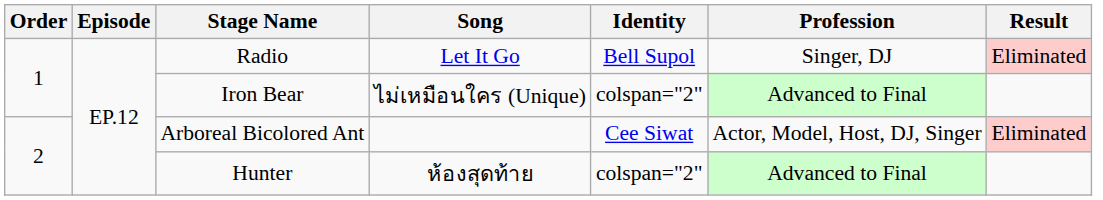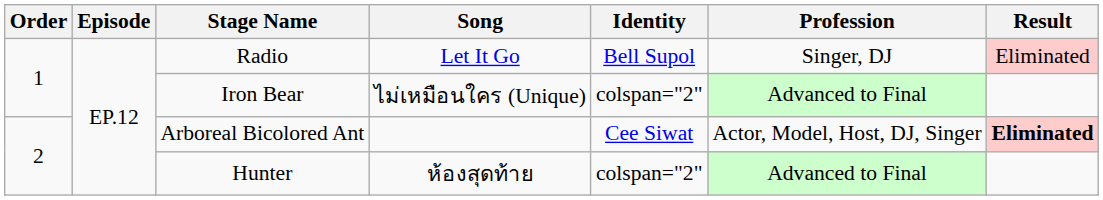 <table class="wikitable">
 <tr>
 <th>Order</th>
 <th>Episode</th>
 <th>Stage Name</th>
 <th>Song</th>
 <th>Identity</th>
 <th>Profession</th>
 <th>Result</th>
 </tr>
 <tr>
 <td rowspan="2" align="center">1</td>
 <td rowspan="4" align="center">EP.12</td>
 <td style="text-align:center;">Radio</td>
 <td style="text-align:center;"><a href='#'>Let It Go</a></td>
 <td style="text-align:center;"><a href='#'>Bell Supol</a></td>
 <td style="text-align:center;">Singer, DJ</td>
 <td style="text-align:center; background:#ffcccc;">Eliminated</td>
 </tr>
 <tr>
 <td style="text-align:center;">Iron Bear</td>
 <td style="text-align:center;">ไม่เหมือนใคร (Unique)</td>
 <td>colspan="2"  </td>
 <td style="text-align:center; background:#ccffcc;">Advanced to Final</td>
 </tr>
 <tr>
 <td rowspan="2" align="center">2</td>
 <td style="text-align:center;">Arboreal Bicolored Ant</td>
 <td style="text-align:center;"></td>
 <td style="text-align:center;"><a href='#'>Cee Siwat</a></td>
 <td style="text-align:center;">Actor, Model, Host, DJ, Singer</td>
-<td style="text-align:center; background:#ffcccc;">Eliminated</td>
+<td style="text-align:center; background:#ffcccc;"><strong>Eliminated</strong></td>
 </tr>
 <tr>
 <td style="text-align:center;">Hunter</td>
 <td style="text-align:center;">ห้องสุดท้าย</td>
 <td>colspan="2"  </td>
 <td style="text-align:center; background:#ccffcc;">Advanced to Final</td>
 </tr>
 </table>
